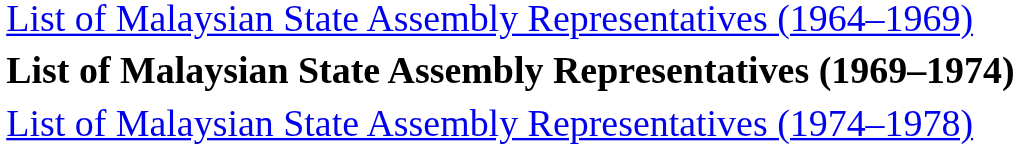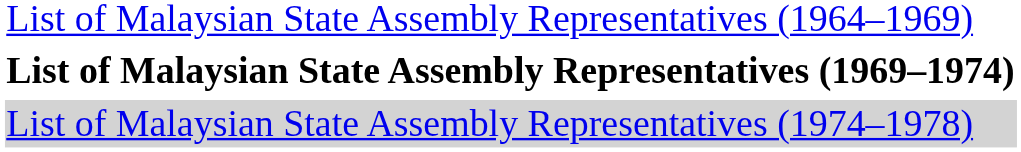 <table id=toc style="float:right">
 <tr>
 <td><a href='#'>List of Malaysian State Assembly Representatives (1964–1969)</a></td>
 </tr>
 <tr>
 <td><strong>List of Malaysian State Assembly Representatives (1969–1974)</strong></td>
 </tr>
 <tr>
-<td><a href='#'>List of Malaysian State Assembly Representatives (1974–1978)</a></td>
+<td style="background: lightgrey;"><a href='#'>List of Malaysian State Assembly Representatives (1974–1978)</a></td>
 </tr>
 </table>
